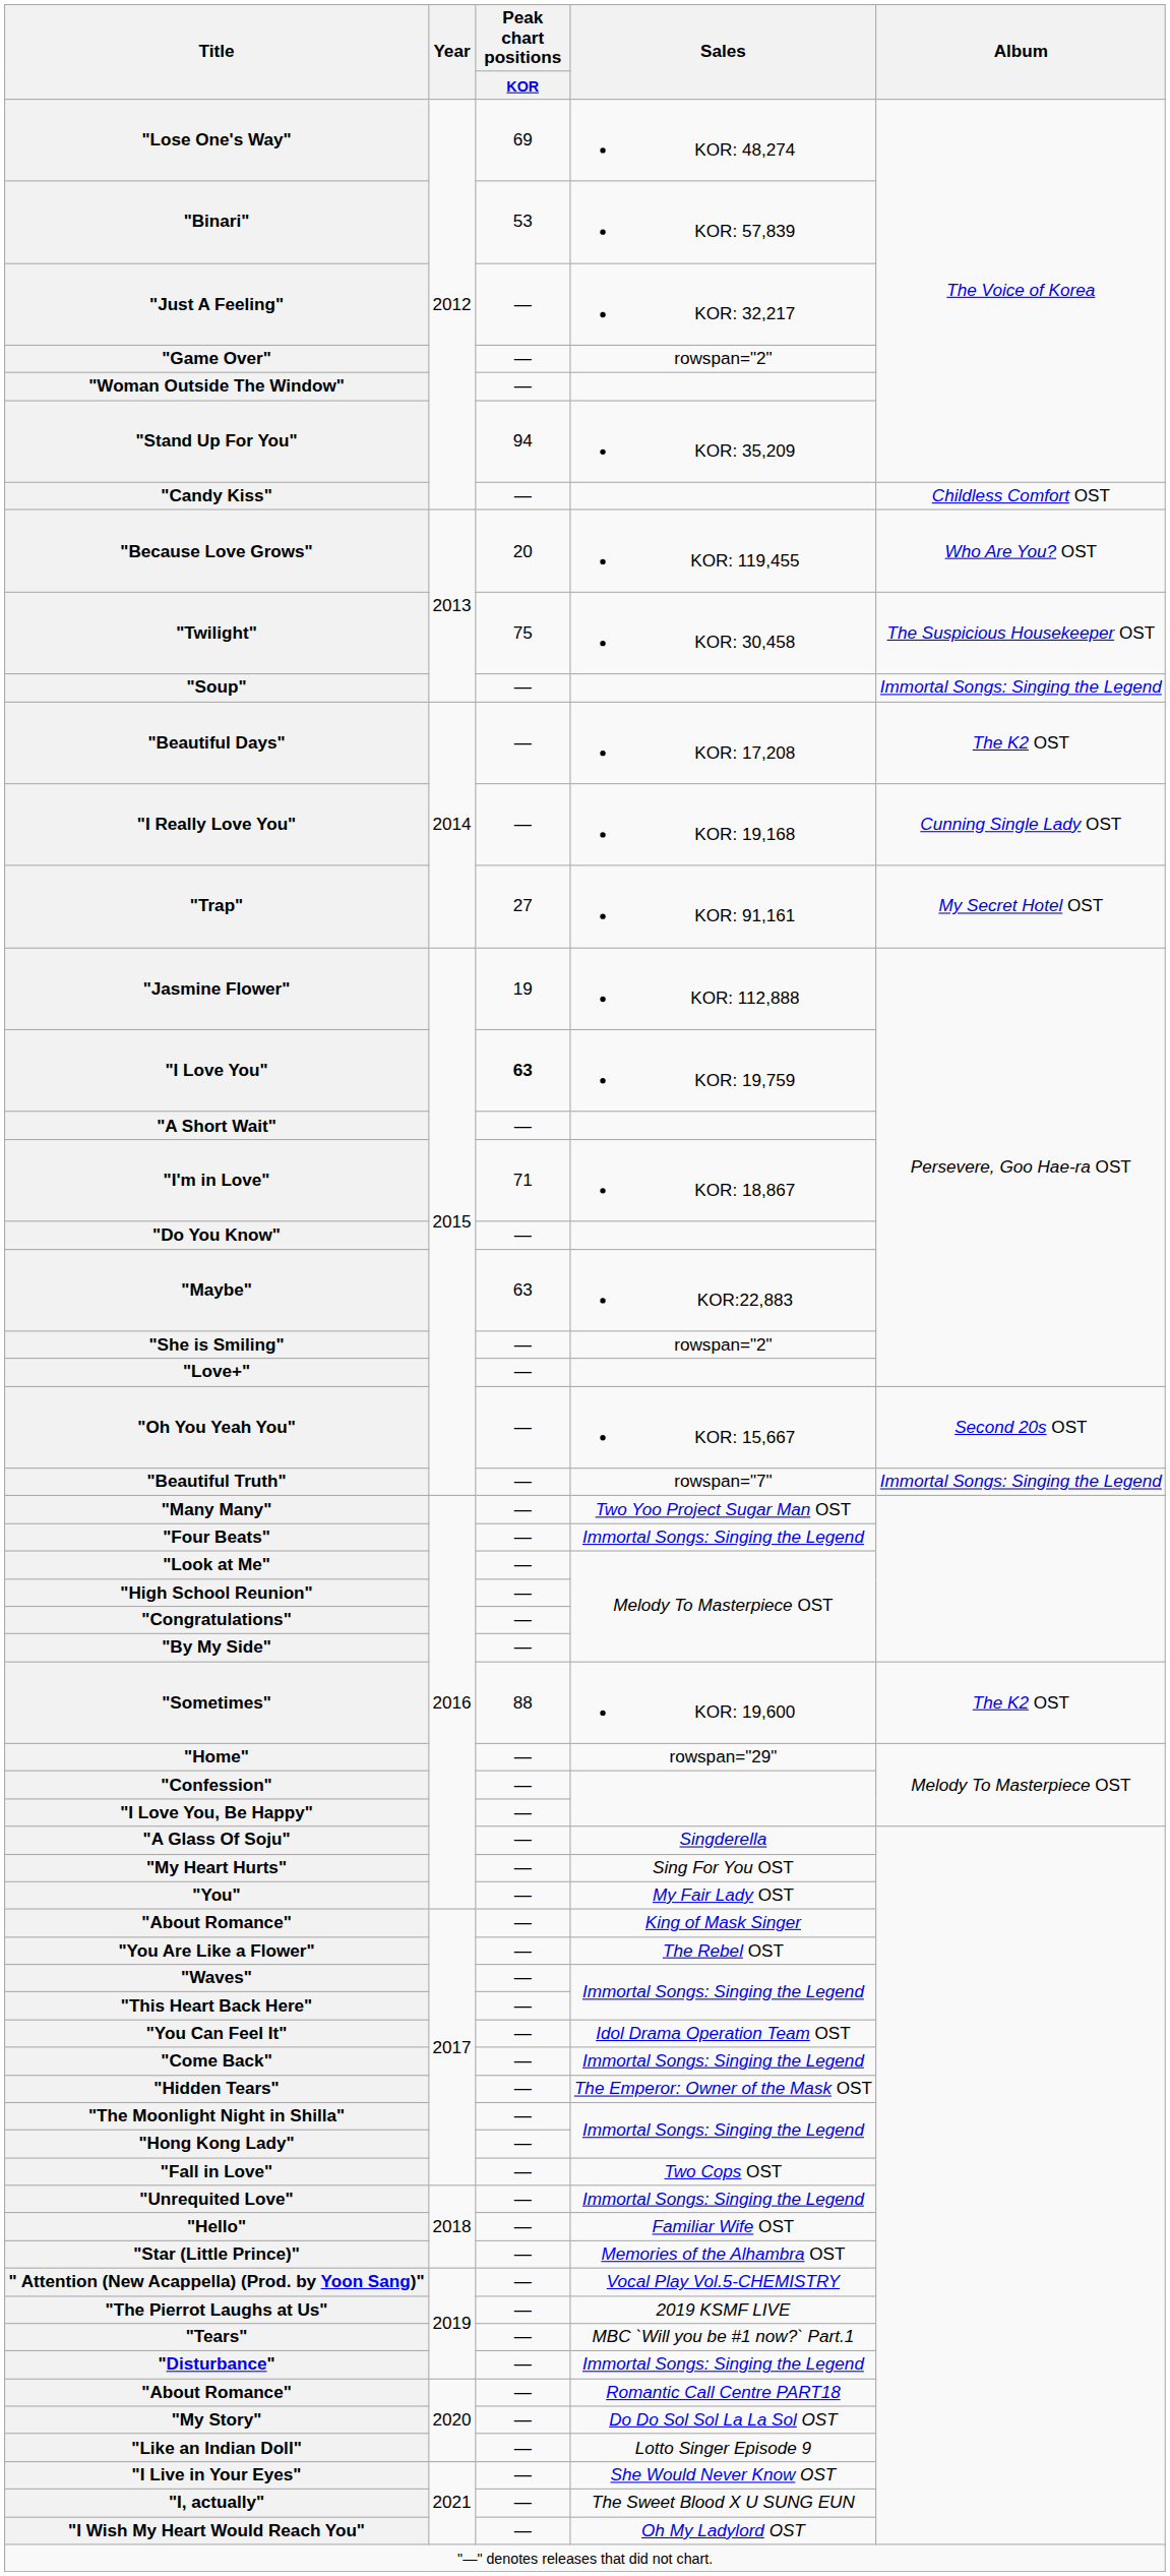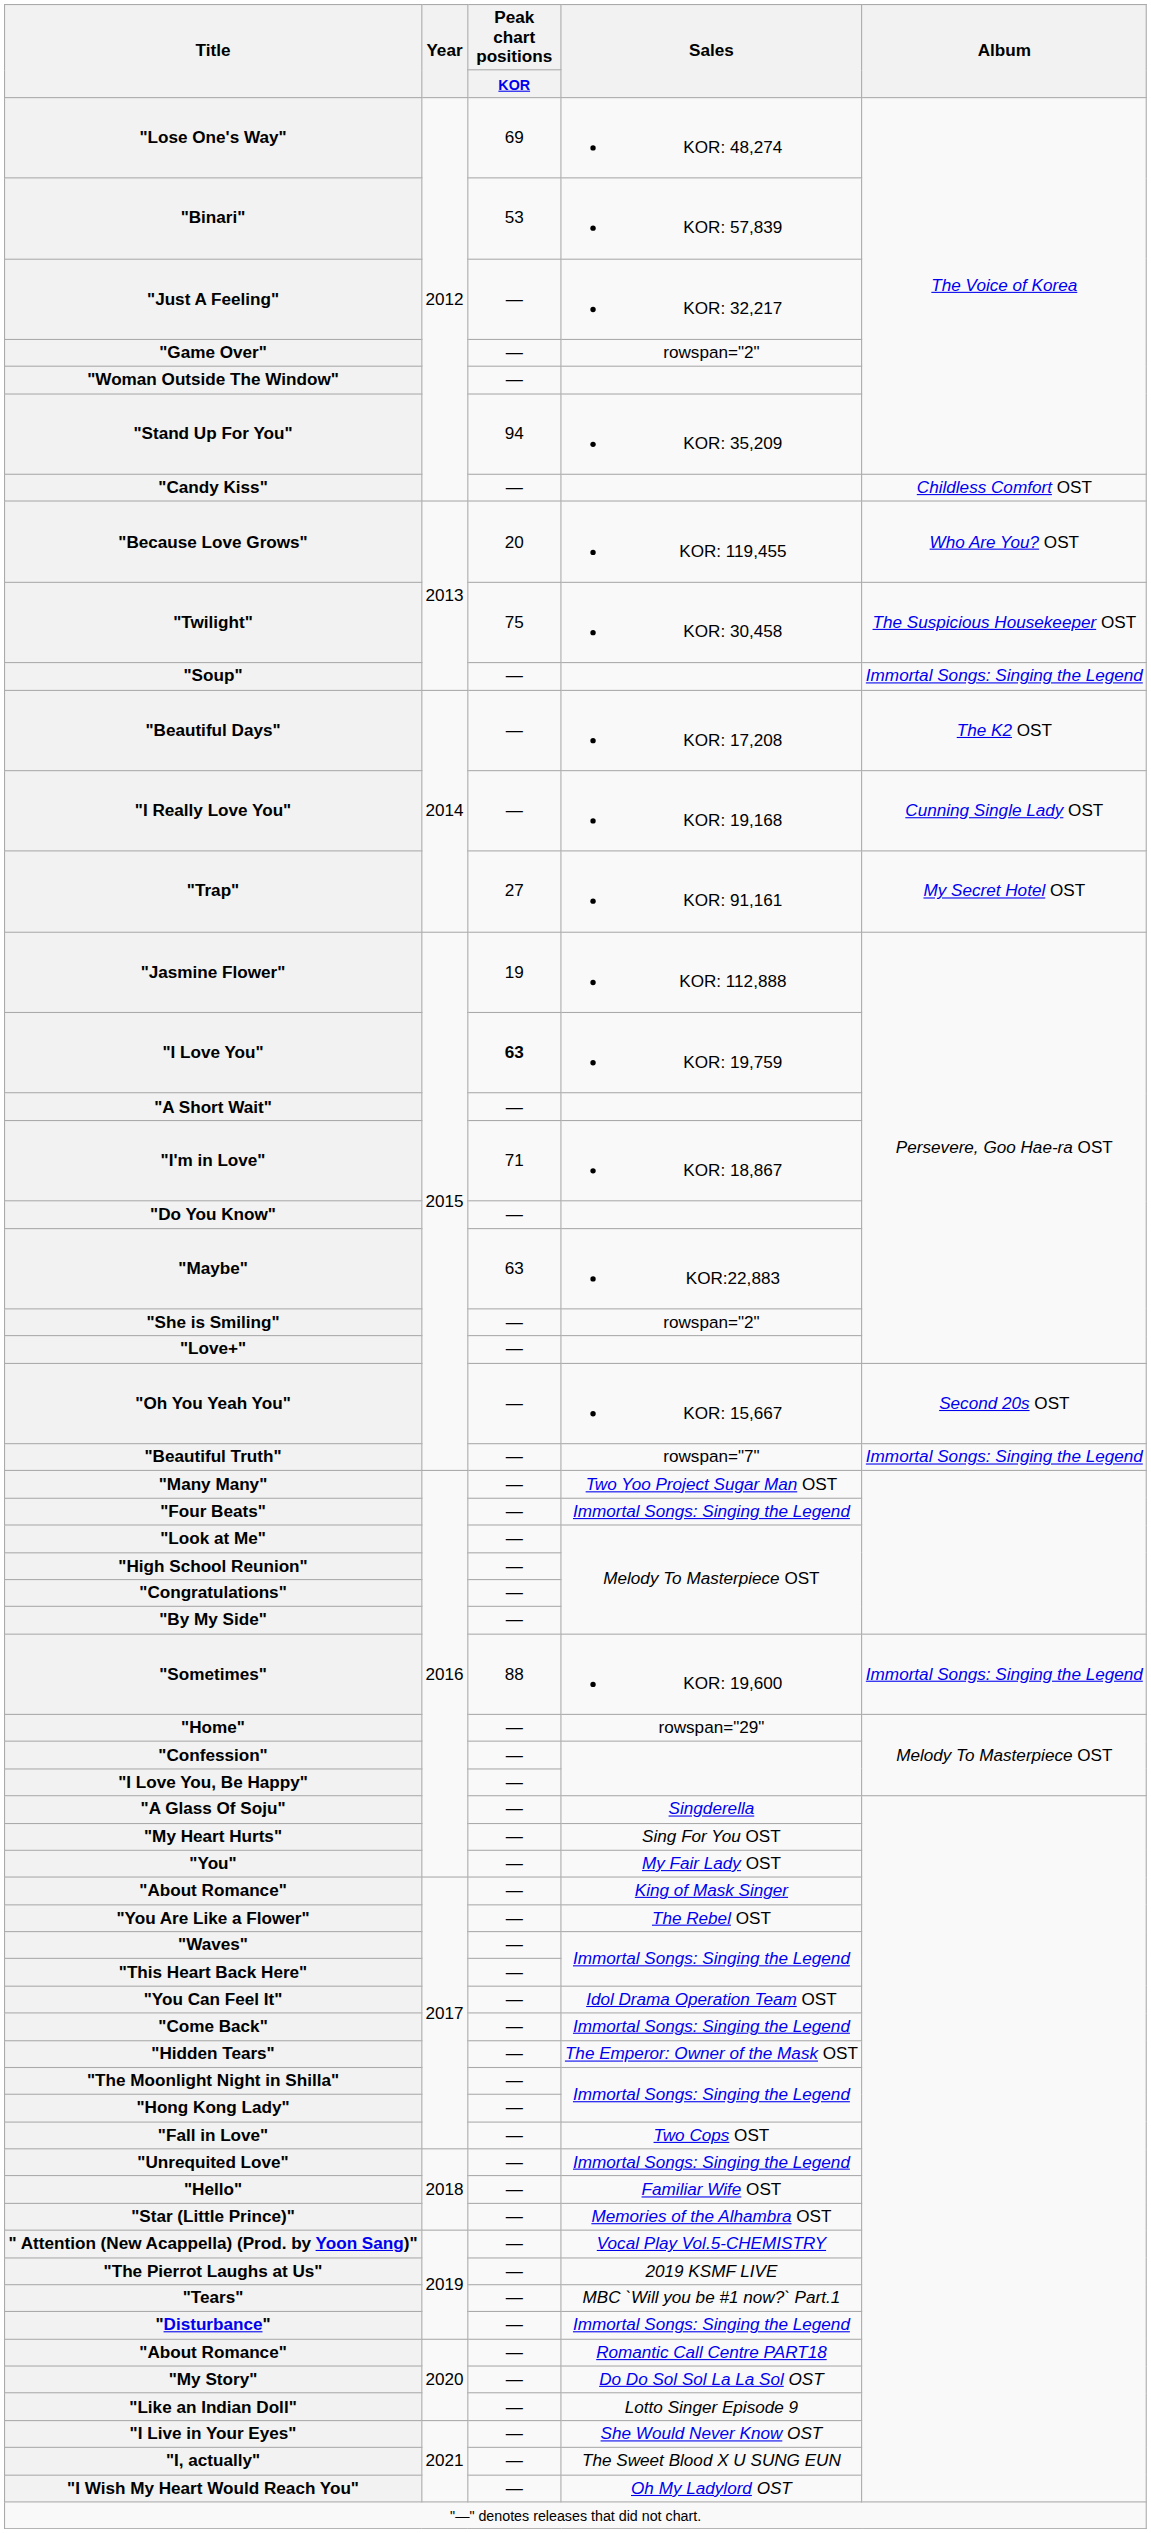 <table class="wikitable plainrowheaders" style="text-align:center;">
 <tr>
 <th scope="col" rowspan="2">Title</th>
 <th scope="col" rowspan="2">Year</th>
 <th scope="col" colspan="1" style="width:5em;">Peak chart positions</th>
 <th scope="col" rowspan="2">Sales</th>
 <th scope="col" rowspan="2">Album</th>
 </tr>
 <tr>
 <th><small><a href='#'>KOR</a></small><br></th>
 </tr>
 <tr>
 <th scope="row">"Lose One's Way" </th>
 <td rowspan="7">2012</td>
 <td>69</td>
 <td><br><ul><li>KOR: 48,274</li></ul></td>
 <td rowspan="6"><em><a href='#'>The Voice of Korea</a></em></td>
 </tr>
 <tr>
 <th scope="row">"Binari" </th>
 <td>53</td>
 <td><br><ul><li>KOR: 57,839</li></ul></td>
 </tr>
 <tr>
 <th scope="row">"Just A Feeling"</th>
 <td>—</td>
 <td><br><ul><li>KOR: 32,217</li></ul></td>
 </tr>
 <tr>
 <th scope="row">"Game Over"</th>
 <td>—</td>
 <td>rowspan="2" </td>
 </tr>
 <tr>
 <th scope="row">"Woman Outside The Window" </th>
 <td>—</td>
 </tr>
 <tr>
 <th scope="row">"Stand Up For You"<br></th>
 <td>94</td>
 <td><br><ul><li>KOR: 35,209</li></ul></td>
 </tr>
 <tr>
 <th scope="row">"Candy Kiss" </th>
 <td>—</td>
 <td></td>
 <td><em><a href='#'>Childless Comfort</a></em> OST</td>
 </tr>
 <tr>
 <th scope="row">"Because Love Grows" </th>
 <td rowspan="3">2013</td>
 <td>20</td>
 <td><br><ul><li>KOR: 119,455</li></ul></td>
 <td><em><a href='#'>Who Are You?</a></em> OST</td>
 </tr>
 <tr>
 <th scope="row">"Twilight"</th>
 <td>75</td>
 <td><br><ul><li>KOR: 30,458</li></ul></td>
 <td><em><a href='#'>The Suspicious Housekeeper</a></em> OST</td>
 </tr>
 <tr>
 <th scope="row">"Soup" </th>
 <td>—</td>
 <td></td>
 <td><em><a href='#'>Immortal Songs: Singing the Legend</a></em></td>
 </tr>
 <tr>
 <th scope="row">"Beautiful Days" </th>
 <td rowspan="3">2014</td>
 <td>—</td>
 <td><br><ul><li>KOR: 17,208</li></ul></td>
 <td><em><a href='#'>The K2</a></em> OST</td>
 </tr>
 <tr>
 <th scope="row">"I Really Love You" <br></th>
 <td>—</td>
 <td><br><ul><li>KOR: 19,168</li></ul></td>
 <td><em><a href='#'>Cunning Single Lady</a></em> OST</td>
 </tr>
 <tr>
 <th scope="row">"Trap"<br></th>
 <td>27</td>
 <td><br><ul><li>KOR: 91,161</li></ul></td>
 <td><em><a href='#'>My Secret Hotel</a></em> OST</td>
 </tr>
 <tr>
 <th scope="row">"Jasmine Flower" </th>
 <td rowspan="10">2015</td>
 <td>19</td>
 <td><br><ul><li>KOR: 112,888</li></ul></td>
 <td rowspan="8"><em>Persevere, Goo Hae-ra</em> OST</td>
 </tr>
 <tr>
 <th scope="row">"I Love You" </th>
 <td><strong>63</strong></td>
 <td><br><ul><li>KOR: 19,759</li></ul></td>
 </tr>
 <tr>
 <th scope="row">"A Short Wait" <br></th>
 <td>—</td>
 <td></td>
 </tr>
 <tr>
 <th scope="row">"I'm in Love"<br></th>
 <td>71</td>
 <td><br><ul><li>KOR: 18,867</li></ul></td>
 </tr>
 <tr>
 <th scope="row">"Do You Know" <br></th>
 <td>—</td>
 <td></td>
 </tr>
 <tr>
 <th scope="row">"Maybe" <br></th>
 <td>63</td>
 <td><br><ul><li>KOR:22,883</li></ul></td>
 </tr>
 <tr>
 <th scope="row">"She is Smiling" <br></th>
 <td>—</td>
 <td>rowspan="2" </td>
 </tr>
 <tr>
 <th scope="row">"Love+" <br></th>
 <td>—</td>
 </tr>
 <tr>
 <th scope="row">"Oh You Yeah You" </th>
 <td>—</td>
 <td><br><ul><li>KOR: 15,667</li></ul></td>
 <td><em><a href='#'>Second 20s</a></em> OST</td>
 </tr>
 <tr>
 <th scope="row">"Beautiful Truth" </th>
 <td>—</td>
 <td>rowspan="7" </td>
 <td><em><a href='#'>Immortal Songs: Singing the Legend</a></em></td>
 </tr>
 <tr>
 <th scope="row">"Many Many" <br></th>
 <td rowspan="13">2016</td>
 <td>—</td>
 <td><em><a href='#'>Two Yoo Project Sugar Man</a></em> OST</td>
 </tr>
 <tr>
 <th scope="row">"Four Beats" </th>
 <td>—</td>
 <td><em><a href='#'>Immortal Songs: Singing the Legend</a></em></td>
 </tr>
 <tr>
 <th scope="row">"Look at Me" <br></th>
 <td>—</td>
 <td rowspan="4"><em>Melody To Masterpiece</em> OST</td>
 </tr>
 <tr>
 <th scope="row">"High School Reunion" <br></th>
 <td>—</td>
 </tr>
 <tr>
 <th scope="row">"Congratulations" <br></th>
 <td>—</td>
 </tr>
 <tr>
 <th scope="row">"By My Side" </th>
 <td>—</td>
 </tr>
 <tr>
 <th scope="row">"Sometimes" </th>
 <td>88</td>
 <td><br><ul><li>KOR: 19,600</li></ul></td>
-<td><em><a href='#'>The K2</a></em> OST</td>
+<td><em><a href='#'>Immortal Songs: Singing the Legend</a></em></td>
 </tr>
 <tr>
 <th scope="row">"Home" <br></th>
 <td>—</td>
 <td>rowspan="29" </td>
 <td rowspan="3"><em>Melody To Masterpiece</em> OST</td>
 </tr>
 <tr>
 <th scope="row">"Confession" </th>
 <td>—</td>
 </tr>
 <tr>
 <th scope="row">"I Love You, Be Happy" <br></th>
 <td>—</td>
 </tr>
 <tr>
 <th scope="row">"A Glass Of Soju" <br></th>
 <td>—</td>
 <td><em><a href='#'>Singderella</a></em></td>
 </tr>
 <tr>
 <th scope="row">"My Heart Hurts" </th>
 <td>—</td>
 <td><em>Sing For You</em> OST</td>
 </tr>
 <tr>
 <th scope="row">"You"</th>
 <td>—</td>
 <td><em><a href='#'>My Fair Lady</a></em> OST</td>
 </tr>
 <tr>
 <th scope="row">"About Romance" </th>
 <td rowspan="10">2017</td>
 <td>—</td>
 <td><em><a href='#'>King of Mask Singer</a></em></td>
 </tr>
 <tr>
 <th scope="row">"You Are Like a Flower" </th>
 <td>—</td>
 <td><em><a href='#'>The Rebel</a></em> OST</td>
 </tr>
 <tr>
 <th scope="row">"Waves" <br></th>
 <td>—</td>
 <td rowspan="2"><em><a href='#'>Immortal Songs: Singing the Legend</a></em></td>
 </tr>
 <tr>
 <th scope="row">"This Heart Back Here" </th>
 <td>—</td>
 </tr>
 <tr>
 <th scope="row">"You Can Feel It"</th>
 <td>—</td>
 <td><em><a href='#'>Idol Drama Operation Team</a></em> OST</td>
 </tr>
 <tr>
 <th scope="row">"Come Back" <br></th>
 <td>—</td>
 <td><em><a href='#'>Immortal Songs: Singing the Legend</a></em></td>
 </tr>
 <tr>
 <th scope="row">"Hidden Tears" </th>
 <td>—</td>
 <td><em><a href='#'>The Emperor: Owner of the Mask</a></em> OST</td>
 </tr>
 <tr>
 <th scope="row">"The Moonlight Night in Shilla" <br></th>
 <td>—</td>
 <td rowspan="2"><em><a href='#'>Immortal Songs: Singing the Legend</a></em></td>
 </tr>
 <tr>
 <th scope="row">"Hong Kong Lady" <br></th>
 <td>—</td>
 </tr>
 <tr>
 <th scope="row">"Fall in Love"</th>
 <td>—</td>
 <td><em><a href='#'>Two Cops</a></em> OST</td>
 </tr>
 <tr>
 <th scope="row">"Unrequited Love" </th>
 <td rowspan="3">2018</td>
 <td>—</td>
 <td><em><a href='#'>Immortal Songs: Singing the Legend</a></em></td>
 </tr>
 <tr>
 <th scope="row">"Hello"</th>
 <td>—</td>
 <td><em><a href='#'>Familiar Wife</a></em> OST</td>
 </tr>
 <tr>
 <th scope="row">"Star (Little Prince)" <br></th>
 <td>—</td>
 <td><em><a href='#'>Memories of the Alhambra</a></em> OST</td>
 </tr>
 <tr>
 <th scope="row">" Attention (New Acappella) (Prod. by <a href='#'>Yoon Sang</a>)" <br></th>
 <td rowspan="4">2019</td>
 <td>—</td>
 <td><em><a href='#'>Vocal Play Vol.5-CHEMISTRY</a></em></td>
 </tr>
 <tr>
 <th scope="row">"The Pierrot Laughs at Us" <br></th>
 <td>—</td>
 <td><em>2019 KSMF LIVE</em></td>
 </tr>
 <tr>
 <th scope="row">"Tears" </th>
 <td>—</td>
 <td><em>MBC `Will you be #1 now?` Part.1</em></td>
 </tr>
 <tr>
 <th scope="row">"<a href='#'>Disturbance</a>"  <br></th>
 <td>—</td>
 <td><em><a href='#'>Immortal Songs: Singing the Legend</a></em></td>
 </tr>
 <tr>
 <th scope="row">"About Romance" </th>
 <td rowspan="3">2020</td>
 <td>—</td>
 <td><em><a href='#'>Romantic Call Centre PART18</a></em></td>
 </tr>
 <tr>
 <th scope="row">"My Story" </th>
 <td>—</td>
 <td><em><a href='#'>Do Do Sol Sol La La Sol</a> OST</em></td>
 </tr>
 <tr>
 <th scope="row">"Like an Indian Doll" </th>
 <td>—</td>
 <td><em>Lotto Singer Episode 9</em></td>
 </tr>
 <tr>
 <th scope="row">"I Live in Your Eyes" </th>
 <td rowspan="3">2021</td>
 <td>—</td>
 <td><em><a href='#'>She Would Never Know</a> OST</em></td>
 </tr>
 <tr>
 <th scope="row">"I, actually" </th>
 <td>—</td>
 <td><em>The Sweet Blood X U SUNG EUN</em></td>
 </tr>
 <tr>
 <th scope="row">"I Wish My Heart Would Reach You" </th>
 <td>—</td>
 <td><em><a href='#'>Oh My Ladylord</a> OST</em></td>
 </tr>
 <tr>
 <td colspan="5" align="center"><small>"—" denotes releases that did not chart.</small></td>
 </tr>
 </table>
